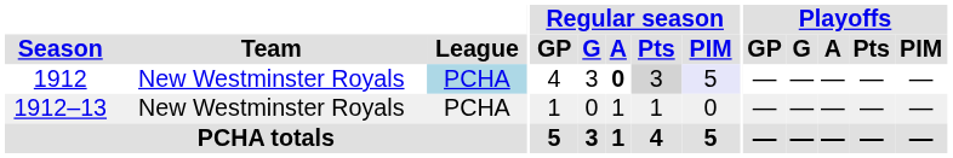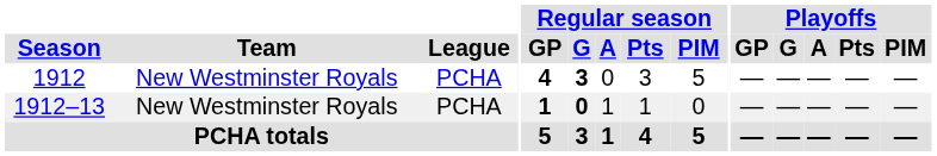 <table border="0" cellpadding="1" cellspacing="0" style="text-align:center; width:50%">
 <tr bgcolor="#e0e0e0">
 <th colspan="3" bgcolor="#ffffff"></th>
 <th rowspan="99" bgcolor="#ffffff"></th>
 <th colspan="5"><a href='#'>Regular season</a></th>
 <th rowspan="99" bgcolor="#ffffff"></th>
 <th colspan="5"><a href='#'>Playoffs</a></th>
 </tr>
 <tr bgcolor="#e0e0e0">
 <th><a href='#'>Season</a></th>
 <th>Team</th>
 <th>League</th>
 <th>GP</th>
 <th><a href='#'>G</a></th>
 <th><a href='#'>A</a></th>
 <th><a href='#'>Pts</a></th>
 <th><a href='#'>PIM</a></th>
 <th>GP</th>
 <th>G</th>
 <th>A</th>
 <th>Pts</th>
 <th>PIM</th>
 </tr>
 <tr ALIGN="center">
 <td><a href='#'>1912</a></td>
 <td><a href='#'>New Westminster Royals</a></td>
-<td style="background: lightblue;"><a href='#'>PCHA</a></td>
-<td>4</td>
+<td><a href='#'>PCHA</a></td>
+<td><strong>4</strong></td>
+<td><strong>3</strong></td>
+<td>0</td>
 <td>3</td>
-<td><strong>0</strong></td>
-<td style="background: lightgrey;">3</td>
-<td style="background: lavender;">5</td>
+<td>5</td>
 <td>—</td>
 <td>—</td>
 <td>—</td>
 <td>—</td>
 <td>—</td>
 </tr>
 <tr ALIGN="center"  bgcolor="#f0f0f0">
 <td><a href='#'>1912–13</a></td>
 <td>New Westminster Royals</td>
 <td>PCHA</td>
-<td>1</td>
-<td>0</td>
+<td><strong>1</strong></td>
+<td><strong>0</strong></td>
 <td>1</td>
 <td>1</td>
 <td>0</td>
 <td>—</td>
 <td>—</td>
 <td>—</td>
 <td>—</td>
 <td>—</td>
 </tr>
 <tr ALIGN="center" bgcolor="#e0e0e0">
 <th colspan="3">PCHA totals</th>
 <th>5</th>
 <th>3</th>
 <th>1</th>
 <th>4</th>
 <th>5</th>
 <th>—</th>
 <th>—</th>
 <th>—</th>
 <th>—</th>
 <th>—</th>
 </tr>
 </table>
